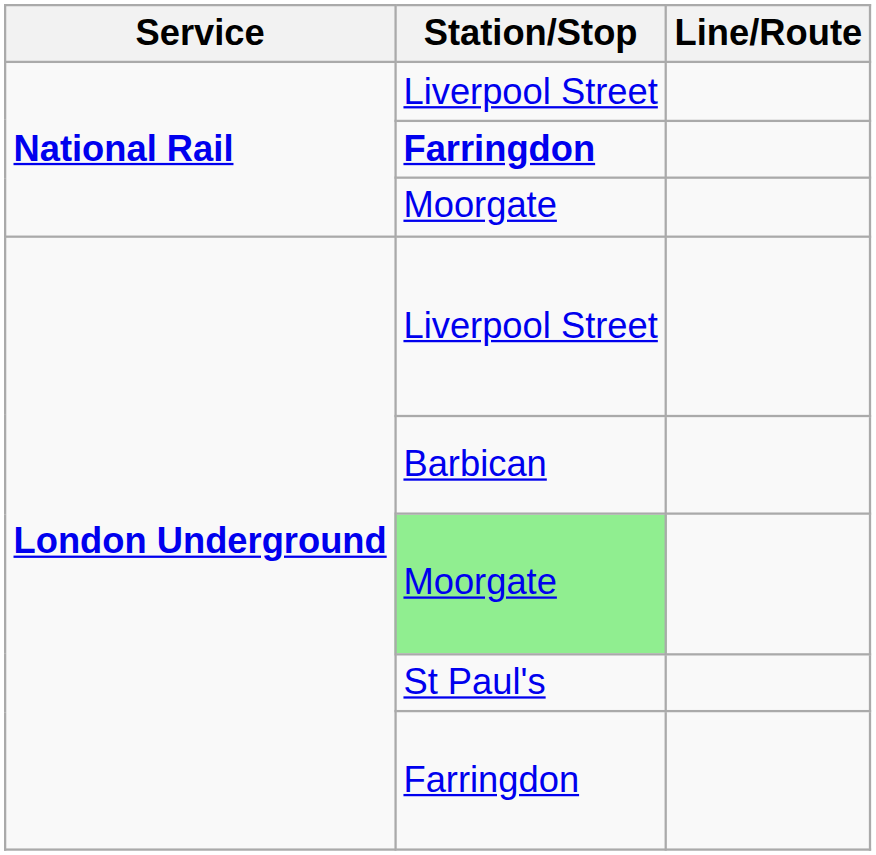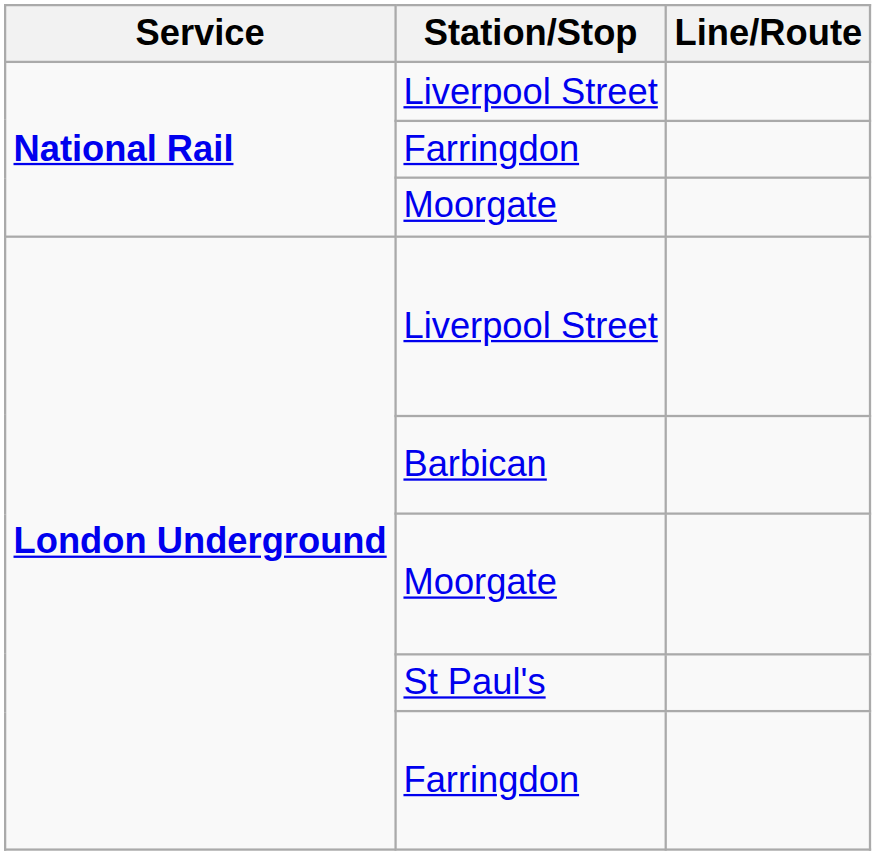 <table class="wikitable">
 <tr>
 <th>Service</th>
 <th>Station/Stop</th>
 <th>Line/Route</th>
 </tr>
 <tr>
 <td rowspan="3"><strong><a href='#'>National Rail</a></strong> </td>
 <td><a href='#'>Liverpool Street</a></td>
 <td></td>
 </tr>
 <tr>
-<td><strong><a href='#'>Farringdon</a></strong></td>
+<td><a href='#'>Farringdon</a></td>
 <td></td>
 </tr>
 <tr>
 <td><a href='#'>Moorgate</a></td>
 <td></td>
 </tr>
 <tr>
 <td rowspan="5"><strong><a href='#'>London Underground</a></strong> </td>
 <td><a href='#'>Liverpool Street</a></td>
 <td><br> <br> <br> <br> </td>
 </tr>
 <tr>
 <td><a href='#'>Barbican</a></td>
 <td><br> <br> </td>
 </tr>
 <tr>
-<td style="background: lightgreen;"><a href='#'>Moorgate</a></td>
+<td><a href='#'>Moorgate</a></td>
 <td><br> <br> <br> </td>
 </tr>
 <tr>
 <td><a href='#'>St Paul's</a></td>
 <td></td>
 </tr>
 <tr>
 <td><a href='#'>Farringdon</a></td>
 <td><br> <br>  <br> </td>
 </tr>
 </table>
